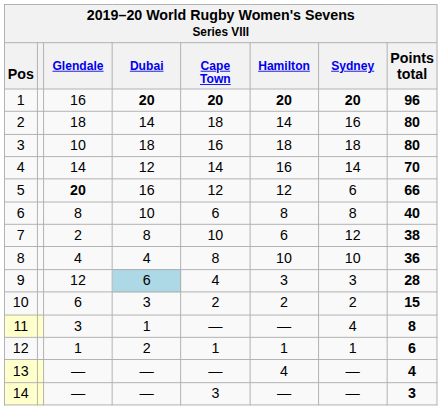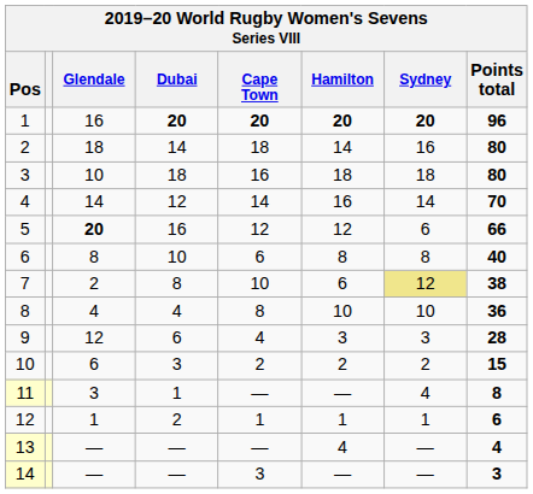 <table class="wikitable" style="text-align:center">
 <tr bgcolor="#efefef">
 <th colspan=13 style="border-right:0px;";>2019–20 World Rugby Women's Sevens<br><small>Series VIII</small></th>
 </tr>
 <tr bgcolor="#efefef">
 <th style="width:1.8em;"> <br>Pos</th>
 <th></th>
 <th style="width:5.2em; vertical-align:top; font-size:85%;"><br><a href='#'>Glendale</a></th>
 <th style="width:5.2em; vertical-align:top; font-size:85%;"><br><a href='#'>Dubai</a></th>
 <th style="width:5.2em; vertical-align:top; font-size:85%;"><br><a href='#'>Cape Town</a></th>
 <th style="width:5.2em; vertical-align:top; font-size:85%;"><br><a href='#'>Hamilton</a></th>
 <th style="width:5.2em; vertical-align:top; font-size:85%;"><br><a href='#'>Sydney</a></th>
 <th>Points<br>total</th>
 </tr>
 <tr>
 <td>1</td>
 <td align=left></td>
 <td>16</td>
 <td><strong>20</strong></td>
 <td><strong>20</strong></td>
 <td><strong>20</strong></td>
 <td><strong>20</strong></td>
 <td><strong>96</strong></td>
 </tr>
 <tr>
 <td>2</td>
 <td align=left></td>
 <td>18</td>
 <td>14</td>
 <td>18</td>
 <td>14</td>
 <td>16</td>
 <td><strong>80</strong></td>
 </tr>
 <tr>
 <td>3</td>
 <td align=left></td>
 <td>10</td>
 <td>18</td>
 <td>16</td>
 <td>18</td>
 <td>18</td>
 <td><strong>80</strong></td>
 </tr>
 <tr>
 <td>4</td>
 <td align=left></td>
 <td>14</td>
 <td>12</td>
 <td>14</td>
 <td>16</td>
 <td>14</td>
 <td><strong>70</strong></td>
 </tr>
 <tr>
 <td>5</td>
 <td align=left></td>
 <td><strong>20</strong></td>
 <td>16</td>
 <td>12</td>
 <td>12</td>
 <td>6</td>
 <td><strong>66</strong></td>
 </tr>
 <tr>
 <td>6</td>
 <td align=left></td>
 <td>8</td>
 <td>10</td>
 <td>6</td>
 <td>8</td>
 <td>8</td>
 <td><strong>40</strong></td>
 </tr>
 <tr>
 <td>7</td>
 <td align=left></td>
 <td>2</td>
 <td>8</td>
 <td>10</td>
 <td>6</td>
-<td>12</td>
+<td style="background: khaki;">12</td>
 <td><strong>38</strong></td>
 </tr>
 <tr>
 <td>8</td>
 <td align=left></td>
 <td>4</td>
 <td>4</td>
 <td>8</td>
 <td>10</td>
 <td>10</td>
 <td><strong>36</strong></td>
 </tr>
 <tr>
 <td>9</td>
 <td align=left></td>
 <td>12</td>
-<td style="background: lightblue;">6</td>
+<td>6</td>
 <td>4</td>
 <td>3</td>
 <td>3</td>
 <td><strong>28</strong></td>
 </tr>
 <tr>
 <td>10</td>
 <td align=left></td>
 <td>6</td>
 <td>3</td>
 <td>2</td>
 <td>2</td>
 <td>2</td>
 <td><strong>15</strong></td>
 </tr>
 <tr>
 <td style="background:#ffc;">11</td>
 <td style="background:#ffc;"align=left></td>
 <td>3</td>
 <td>1</td>
 <td>—</td>
 <td>—</td>
 <td>4</td>
 <td><strong>8</strong></td>
 </tr>
 <tr>
 <td>12</td>
 <td align=left></td>
 <td>1</td>
 <td>2</td>
 <td>1</td>
 <td>1</td>
 <td>1</td>
 <td><strong>6</strong></td>
 </tr>
 <tr>
 <td style="background:#ffc;">13</td>
 <td style="background:#ffc;"align=left></td>
 <td>—</td>
 <td>—</td>
 <td>—</td>
 <td>4</td>
 <td>—</td>
 <td><strong>4</strong></td>
 </tr>
 <tr>
 <td style="background:#ffc;">14</td>
 <td style="background:#ffc;"align=left></td>
 <td>—</td>
 <td>—</td>
 <td>3</td>
 <td>—</td>
 <td>—</td>
 <td><strong>3</strong></td>
 </tr>
 </table>
